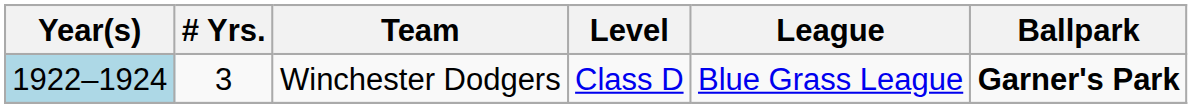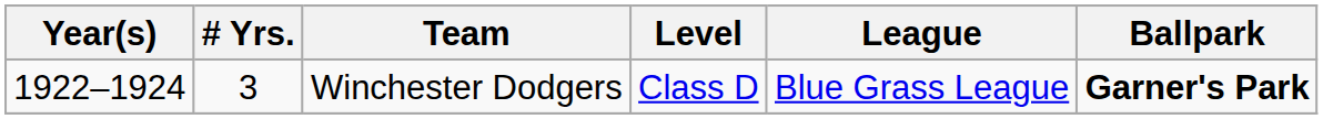 <table class="wikitable" style="text-align:center; font-size: 95%;">
 <tr>
 <th>Year(s)</th>
 <th># Yrs.</th>
 <th>Team</th>
 <th>Level</th>
 <th>League</th>
 <th>Ballpark</th>
 </tr>
 <tr>
-<td style="background: lightblue;">1922–1924</td>
+<td>1922–1924</td>
 <td>3</td>
 <td>Winchester Dodgers</td>
 <td><a href='#'>Class D</a></td>
 <td><a href='#'>Blue Grass League</a></td>
 <td><strong>Garner's Park</strong></td>
 </tr>
 <tr>
 </tr>
 </table>
